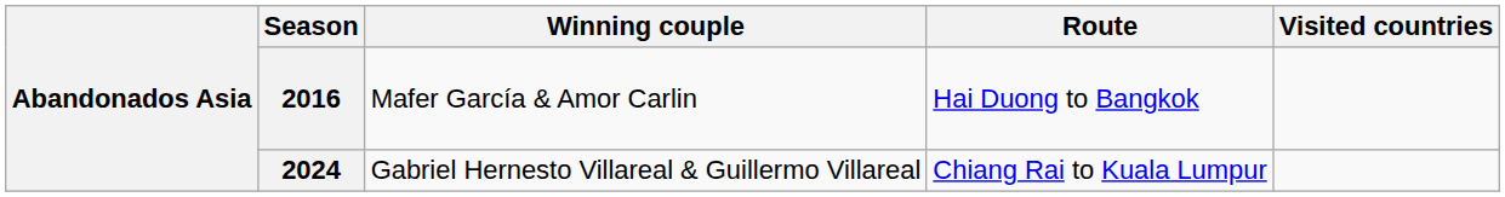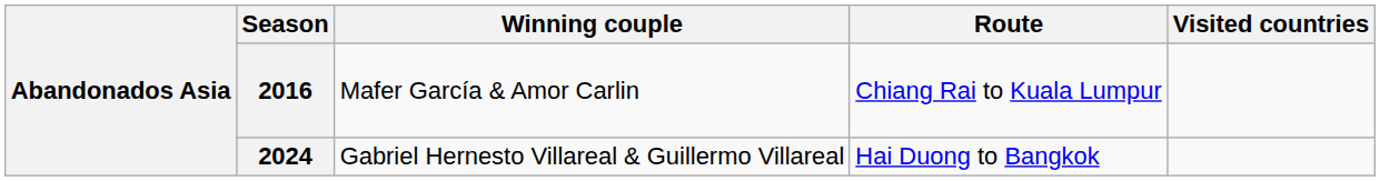 <table class="wikitable">
 <tr>
 <th rowspan="8">Abandonados Asia</th>
 <th>Season</th>
 <th>Winning couple</th>
 <th>Route</th>
 <th>Visited countries</th>
 </tr>
 <tr>
 <th>2016</th>
 <td>Mafer García & Amor Carlin</td>
-<td><a href='#'>Hai Duong</a> to <a href='#'>Bangkok</a></td>
+<td><a href='#'>Chiang Rai</a> to <a href='#'>Kuala Lumpur</a></td>
 <td><br><br><br></td>
 </tr>
 <tr>
 <th>2024</th>
 <td>Gabriel Hernesto Villareal & Guillermo Villareal</td>
-<td><a href='#'>Chiang Rai</a> to <a href='#'>Kuala Lumpur</a></td>
+<td><a href='#'>Hai Duong</a> to <a href='#'>Bangkok</a></td>
 <td><br></td>
 </tr>
 </table>
